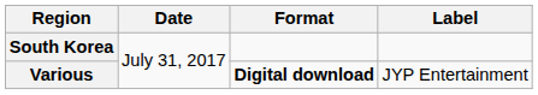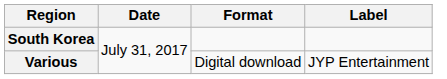 <table class="wikitable plainrowheaders">
 <tr>
 <th>Region</th>
 <th>Date</th>
 <th>Format</th>
 <th>Label</th>
 </tr>
 <tr>
 <th scope=row>South Korea</th>
 <td rowspan="2">July 31, 2017</td>
 <td></td>
 <td></td>
 </tr>
 <tr>
 <th scope=row>Various</th>
-<td><strong>Digital download</strong></td>
+<td>Digital download</td>
 <td>JYP Entertainment</td>
 </tr>
 </table>
